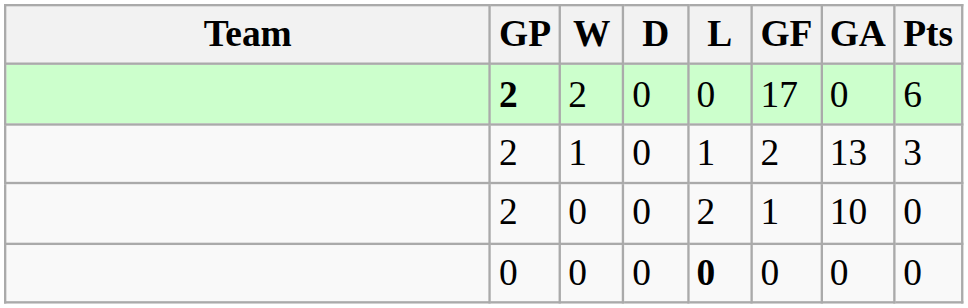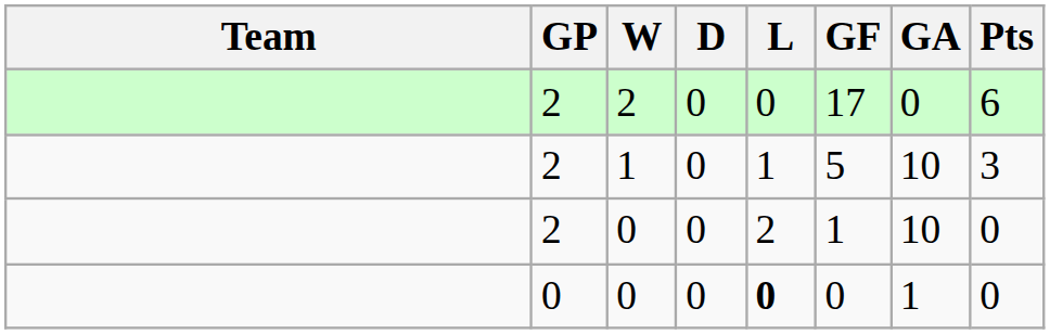 <table class="wikitable">
 <tr>
 <th width=200>Team</th>
 <th width=20 abbr="Played">GP</th>
 <th width=20 abbr="Won">W</th>
 <th width=20 abbr="Drawn">D</th>
 <th width=20 abbr="Lost">L</th>
 <th width=20 abbr="Goals for">GF</th>
 <th width=20 abbr="Goals against">GA</th>
 <th width=20 abbr="Points">Pts</th>
 </tr>
 <tr bgcolor=ccffcc>
 <td></td>
-<td><strong>2</strong></td>
+<td>2</td>
 <td>2</td>
 <td>0</td>
 <td>0</td>
 <td>17</td>
 <td>0</td>
 <td>6</td>
 </tr>
 <tr>
 <td></td>
 <td>2</td>
 <td>1</td>
 <td>0</td>
 <td>1</td>
-<td>2</td>
-<td>13</td>
+<td>5</td>
+<td>10</td>
 <td>3</td>
 </tr>
 <tr>
 <td></td>
 <td>2</td>
 <td>0</td>
 <td>0</td>
 <td>2</td>
 <td>1</td>
 <td>10</td>
 <td>0</td>
 </tr>
 <tr>
 <td></td>
 <td>0</td>
 <td>0</td>
 <td>0</td>
 <td><strong>0</strong></td>
 <td>0</td>
-<td>0</td>
+<td>1</td>
 <td>0</td>
 </tr>
 </table>
